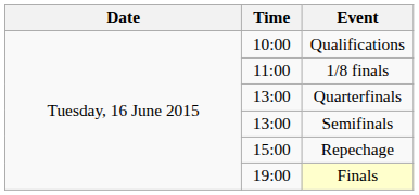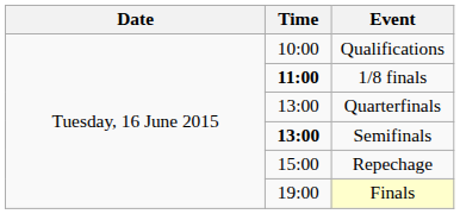 <table class = "wikitable" style="text-align:center;">
 <tr>
 <th width=220>Date</th>
 <th width=50>Time</th>
 <th width=100>Event</th>
 </tr>
 <tr>
 <td rowspan=6>Tuesday, 16 June 2015</td>
 <td>10:00</td>
 <td>Qualifications</td>
 </tr>
 <tr>
-<td>11:00</td>
+<td><strong>11:00</strong></td>
 <td>1/8 finals</td>
 </tr>
 <tr>
 <td>13:00</td>
 <td>Quarterfinals</td>
 </tr>
 <tr>
-<td>13:00</td>
+<td><strong>13:00</strong></td>
 <td>Semifinals</td>
 </tr>
 <tr>
 <td>15:00</td>
 <td>Repechage</td>
 </tr>
 <tr>
 <td>19:00</td>
 <td bgcolor=ffffcc>Finals</td>
 </tr>
 </table>
